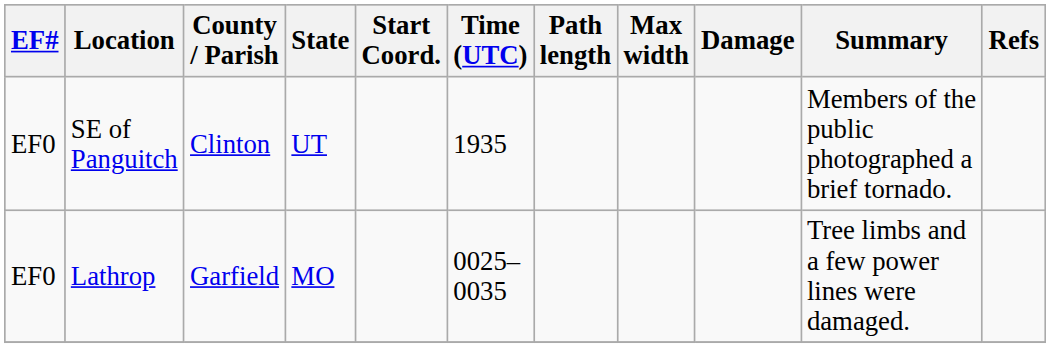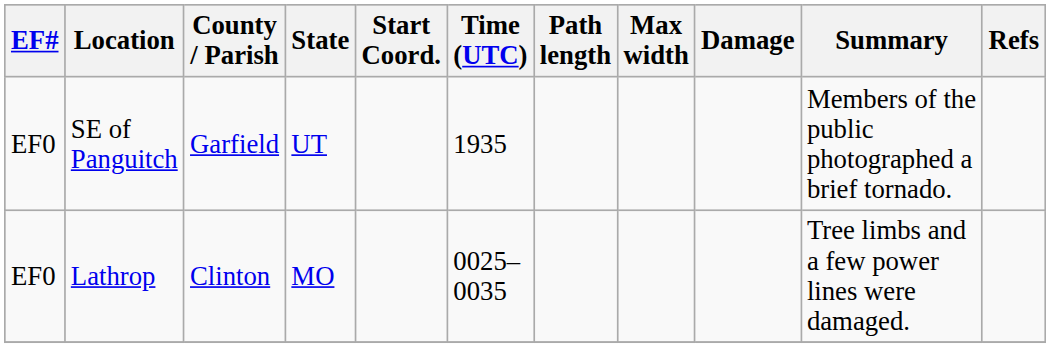 <table class="wikitable sortable" style="width:100%;">
 <tr>
 <th scope="col" width="3%" align="center"><a href='#'>EF#</a></th>
 <th scope="col" width="7%" align="center" class="unsortable">Location</th>
 <th scope="col" width="6%" align="center" class="unsortable">County / Parish</th>
 <th scope="col" width="5%" align="center">State</th>
 <th scope="col" width="6%" align="center">Start Coord.</th>
 <th scope="col" width="6%" align="center">Time (<a href='#'>UTC</a>)</th>
 <th scope="col" width="6%" align="center">Path length</th>
 <th scope="col" width="6%" align="center">Max width</th>
 <th scope="col" width="6%" align="center">Damage</th>
 <th scope="col" width="48%" class="unsortable" align="center">Summary</th>
 <th scope="col" width="48%" class="unsortable" align="center">Refs</th>
 </tr>
 <tr>
 <td>EF0</td>
 <td>SE of <a href='#'>Panguitch</a></td>
-<td><a href='#'>Clinton</a></td>
+<td><a href='#'>Garfield</a></td>
 <td><a href='#'>UT</a></td>
 <td></td>
 <td>1935</td>
 <td></td>
 <td></td>
 <td></td>
 <td>Members of the public photographed a brief tornado.</td>
 <td></td>
 </tr>
 <tr>
 <td>EF0</td>
 <td><a href='#'>Lathrop</a></td>
-<td><a href='#'>Garfield</a></td>
+<td><a href='#'>Clinton</a></td>
 <td><a href='#'>MO</a></td>
 <td></td>
 <td>0025–0035</td>
 <td></td>
 <td></td>
 <td></td>
 <td>Tree limbs and a few power lines were damaged.</td>
 <td></td>
 </tr>
 <tr>
 </tr>
 </table>
